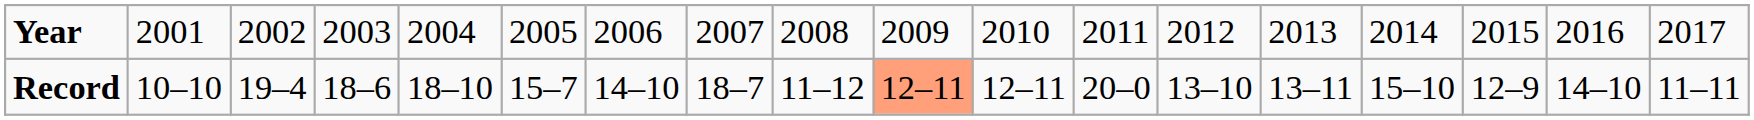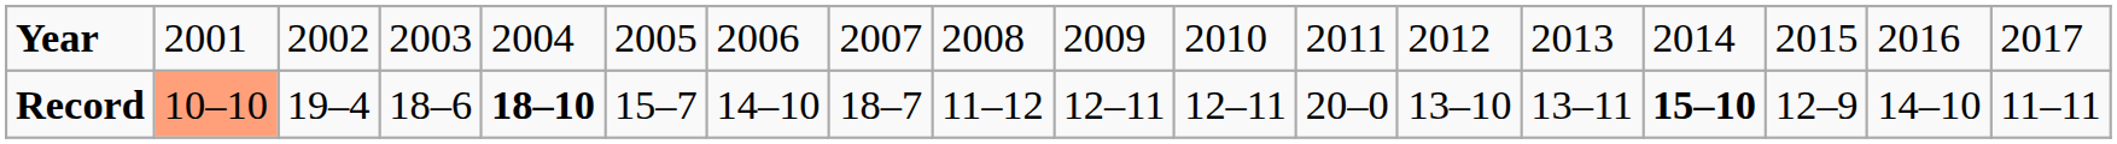 <table class="wikitable">
 <tr>
 <td><strong>Year</strong></td>
 <td>2001</td>
 <td>2002</td>
 <td>2003</td>
 <td>2004</td>
 <td>2005</td>
 <td>2006</td>
 <td>2007</td>
 <td>2008</td>
 <td>2009</td>
 <td>2010</td>
 <td>2011</td>
 <td>2012</td>
 <td>2013</td>
 <td>2014</td>
 <td>2015</td>
 <td>2016</td>
 <td>2017</td>
 </tr>
 <tr>
 <td><strong>Record</strong></td>
-<td>10–10</td>
+<td style="background: lightsalmon;">10–10</td>
 <td>19–4</td>
 <td>18–6</td>
-<td>18–10</td>
+<td><strong>18–10</strong></td>
 <td>15–7</td>
 <td>14–10</td>
 <td>18–7</td>
 <td>11–12</td>
-<td style="background: lightsalmon;">12–11</td>
+<td>12–11</td>
 <td>12–11</td>
 <td>20–0</td>
 <td>13–10</td>
 <td>13–11</td>
-<td>15–10</td>
+<td><strong>15–10</strong></td>
 <td>12–9</td>
 <td>14–10</td>
 <td>11–11</td>
 </tr>
 </table>
